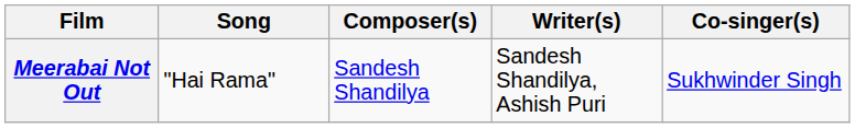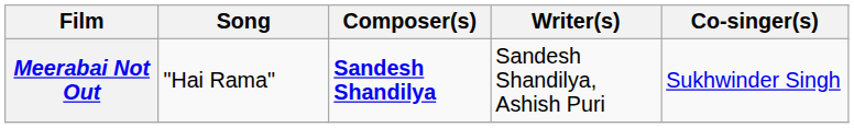 <table class="wikitable plainrowheaders" width="100%">
 <tr>
 <th width=18%>Film</th>
 <th width=20%>Song</th>
 <th width=19%>Composer(s)</th>
 <th width=20%>Writer(s)</th>
 <th width=22%>Co-singer(s)</th>
 </tr>
 <tr>
 <th scope="row"><em><a href='#'>Meerabai Not Out</a></em></th>
 <td>"Hai Rama"</td>
-<td><a href='#'>Sandesh Shandilya</a></td>
+<td><strong><a href='#'>Sandesh Shandilya</a></strong></td>
 <td>Sandesh Shandilya, Ashish Puri</td>
 <td><a href='#'>Sukhwinder Singh</a></td>
 </tr>
 <tr>
 </tr>
 </table>
